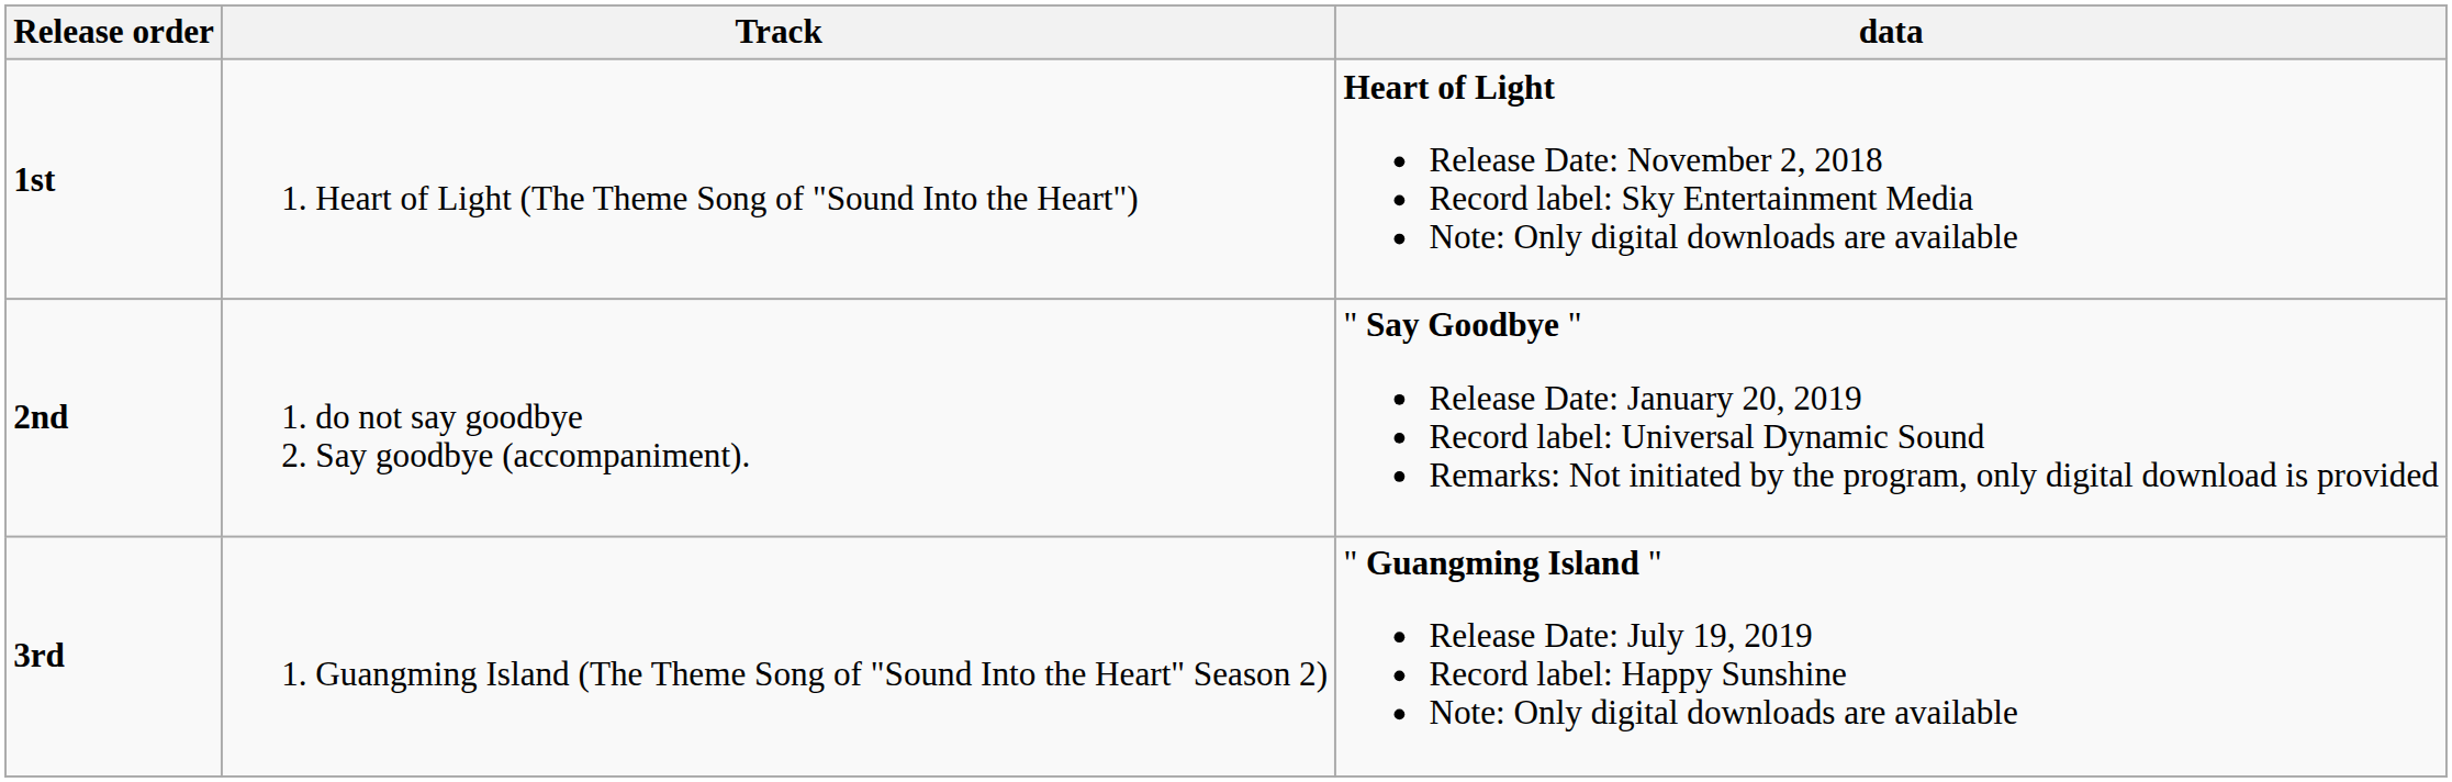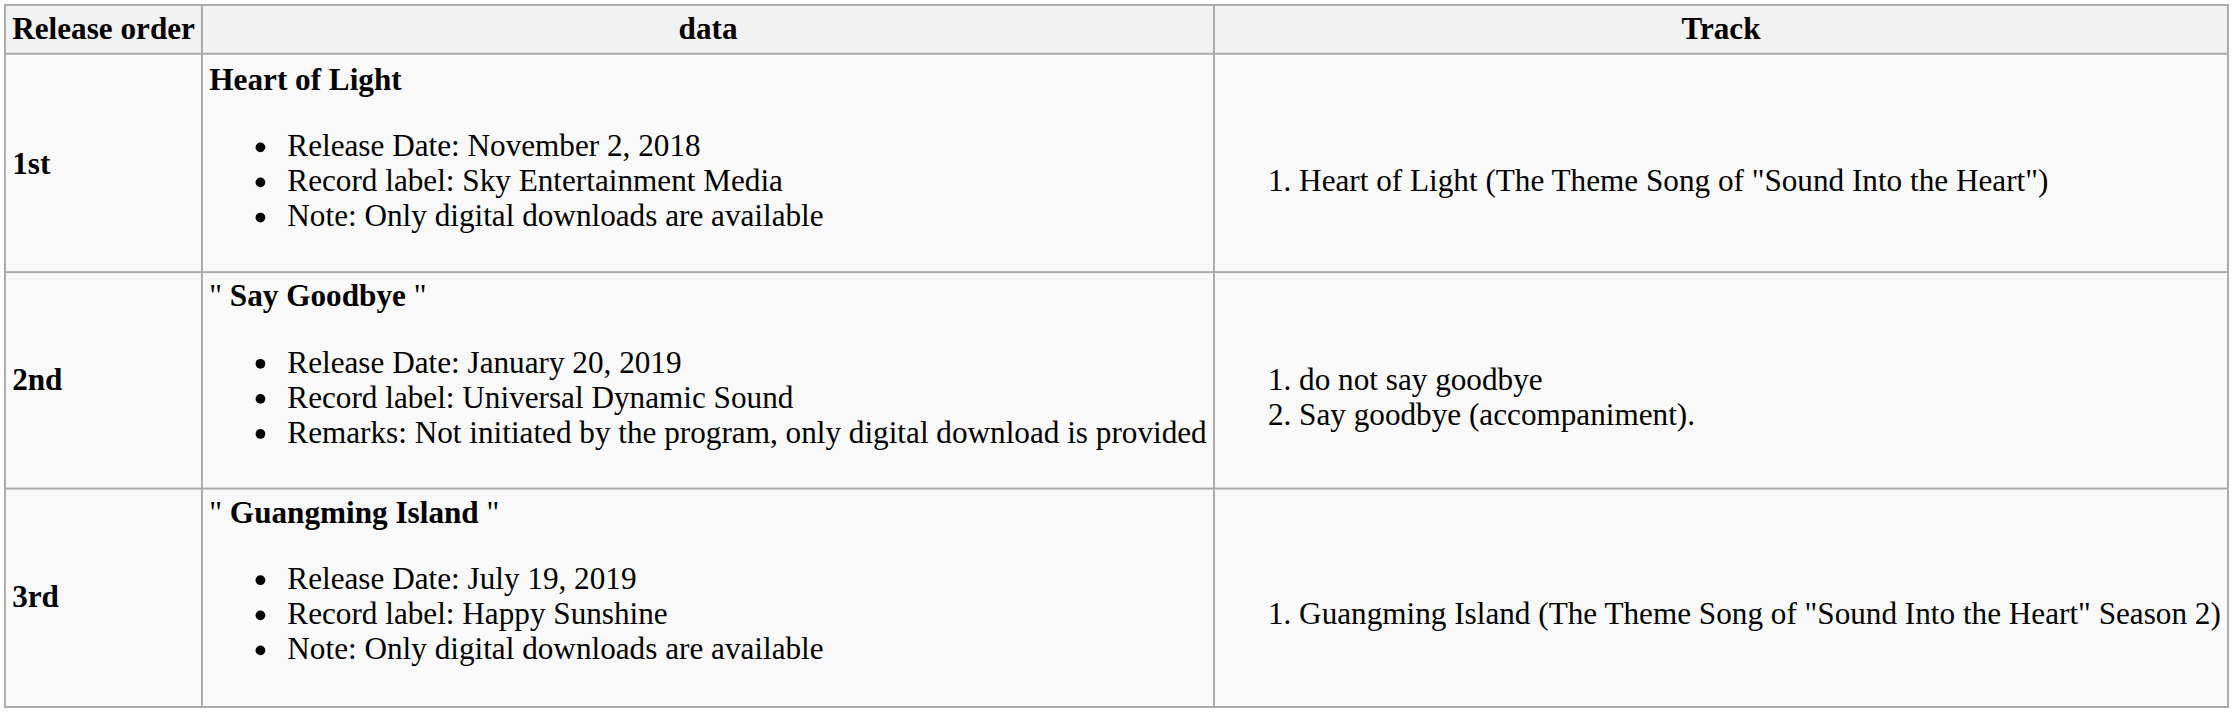 <table class="wikitable">
 <tr>
 <th>Release order</th>
+<th>data</th>
 <th>Track</th>
-<th>data</th>
 </tr>
 <tr>
 <td><strong>1st</strong></td>
+<td><strong>Heart of Light</strong><br><ul><li>Release Date: November 2, 2018</li><li>Record label: Sky Entertainment Media</li><li>Note: Only digital downloads are available</li></ul></td>
 <td><br><ol><li>Heart of Light (The Theme Song of "Sound Into the Heart")</li></ol></td>
-<td><strong>Heart of Light</strong><br><ul><li>Release Date: November 2, 2018</li><li>Record label: Sky Entertainment Media</li><li>Note: Only digital downloads are available</li></ul></td>
 </tr>
 <tr>
 <td><strong>2nd</strong></td>
+<td>" <strong>Say Goodbye</strong> "<br><ul><li>Release Date: January 20, 2019</li><li>Record label: Universal Dynamic Sound</li><li>Remarks: Not initiated by the program, only digital download is provided</li></ul></td>
 <td><br><ol><li>do not say goodbye</li><li>Say goodbye (accompaniment).</li></ol></td>
-<td>" <strong>Say Goodbye</strong> "<br><ul><li>Release Date: January 20, 2019</li><li>Record label: Universal Dynamic Sound</li><li>Remarks: Not initiated by the program, only digital download is provided</li></ul></td>
 </tr>
 <tr>
 <td><strong>3rd</strong></td>
+<td>" <strong>Guangming Island</strong> "<br><ul><li>Release Date: July 19, 2019</li><li>Record label: Happy Sunshine</li><li>Note: Only digital downloads are available</li></ul></td>
 <td><br><ol><li>Guangming Island (The Theme Song of "Sound Into the Heart" Season 2)</li></ol></td>
-<td>" <strong>Guangming Island</strong> "<br><ul><li>Release Date: July 19, 2019</li><li>Record label: Happy Sunshine</li><li>Note: Only digital downloads are available</li></ul></td>
 </tr>
 </table>
